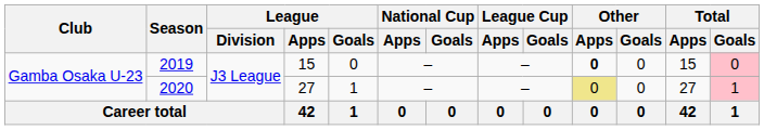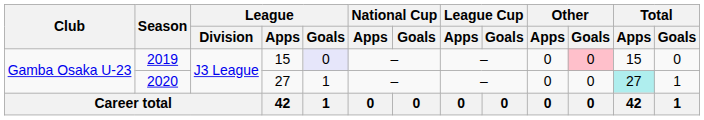 <table class="wikitable" style="text-align: center">
 <tr>
 <th rowspan="2">Club</th>
 <th rowspan="2">Season</th>
 <th colspan="3">League</th>
 <th colspan="2">National Cup</th>
 <th colspan="2">League Cup</th>
 <th colspan="2">Other</th>
 <th colspan="2">Total</th>
 </tr>
 <tr>
 <th>Division</th>
 <th>Apps</th>
 <th>Goals</th>
 <th>Apps</th>
 <th>Goals</th>
 <th>Apps</th>
 <th>Goals</th>
 <th>Apps</th>
 <th>Goals</th>
 <th>Apps</th>
 <th>Goals</th>
 </tr>
 <tr>
 <td rowspan="2"><a href='#'>Gamba Osaka U-23</a></td>
 <td><a href='#'>2019</a></td>
 <td rowspan="2"><a href='#'>J3 League</a></td>
 <td>15</td>
-<td>0</td>
+<td style="background: lavender;">0</td>
 <td colspan="2">–</td>
 <td colspan="2">–</td>
-<td><strong>0</strong></td>
 <td>0</td>
+<td style="background: pink;">0</td>
 <td>15</td>
-<td style="background: pink;">0</td>
+<td>0</td>
 </tr>
 <tr>
 <td><a href='#'>2020</a></td>
 <td>27</td>
 <td>1</td>
 <td colspan="2">–</td>
 <td colspan="2">–</td>
-<td style="background: khaki;">0</td>
 <td>0</td>
-<td>27</td>
-<td style="background: pink;">1</td>
+<td>0</td>
+<td style="background: paleturquoise;">27</td>
+<td>1</td>
 </tr>
 <tr>
 <th colspan=3>Career total</th>
 <th>42</th>
 <th>1</th>
 <th>0</th>
 <th>0</th>
 <th>0</th>
 <th>0</th>
 <th>0</th>
 <th>0</th>
 <th>42</th>
 <th>1</th>
 </tr>
 </table>
